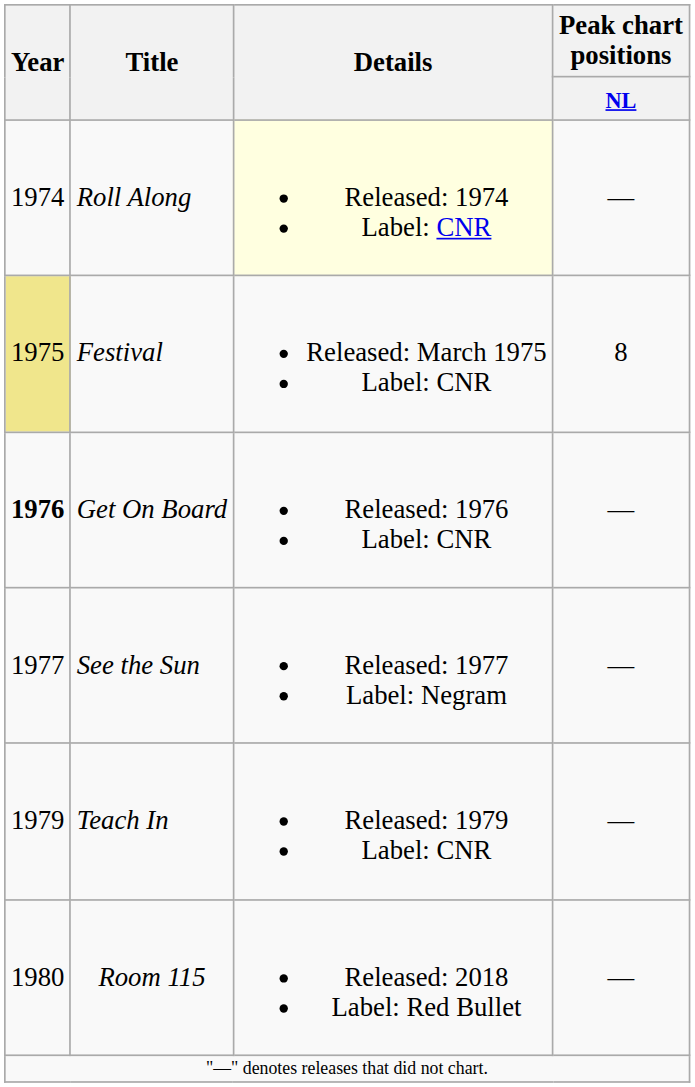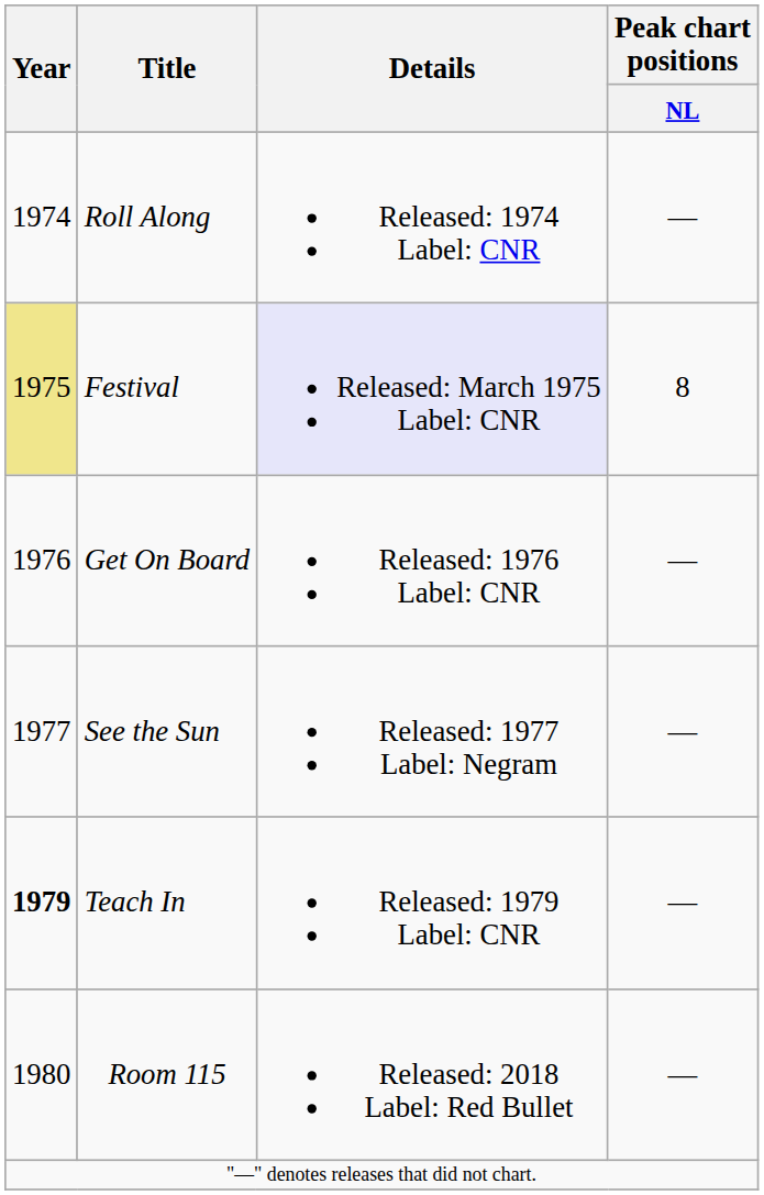 <table class="wikitable" style="text-align:center">
 <tr>
 <th rowspan="2">Year</th>
 <th rowspan="2">Title</th>
 <th rowspan="2">Details</th>
 <th>Peak chart<br>positions</th>
 </tr>
 <tr>
 <th><small><a href='#'>NL</a></small><br></th>
 </tr>
 <tr>
 <td>1974</td>
 <td align="left"><em>Roll Along</em></td>
-<td style="background: lightyellow;"><br><ul><li>Released: 1974</li><li>Label: <a href='#'>CNR</a></li></ul></td>
+<td><br><ul><li>Released: 1974</li><li>Label: <a href='#'>CNR</a></li></ul></td>
 <td>—</td>
 </tr>
 <tr>
 <td style="background: khaki;">1975</td>
 <td align="left"><em>Festival</em></td>
-<td><br><ul><li>Released: March 1975</li><li>Label: CNR</li></ul></td>
+<td style="background: lavender;"><br><ul><li>Released: March 1975</li><li>Label: CNR</li></ul></td>
 <td>8</td>
 </tr>
 <tr>
-<td><strong>1976</strong></td>
+<td>1976</td>
 <td align="left"><em>Get On Board</em></td>
 <td><br><ul><li>Released: 1976</li><li>Label: CNR</li></ul></td>
 <td>—</td>
 </tr>
 <tr>
 <td>1977</td>
 <td align="left"><em>See the Sun</em></td>
 <td><br><ul><li>Released: 1977</li><li>Label: Negram</li></ul></td>
 <td>—</td>
 </tr>
 <tr>
-<td>1979</td>
+<td><strong>1979</strong></td>
 <td align="left"><em>Teach In</em></td>
 <td><br><ul><li>Released: 1979</li><li>Label: CNR</li></ul></td>
 <td>—</td>
 </tr>
 <tr>
 <td>1980</td>
 <td><em>Room 115</em></td>
 <td><br><ul><li>Released: 2018</li><li>Label: Red Bullet</li></ul></td>
 <td>—</td>
 </tr>
 <tr>
 <td colspan="4" style="font-size:8pt">"—" denotes releases that did not chart.</td>
 </tr>
 </table>
